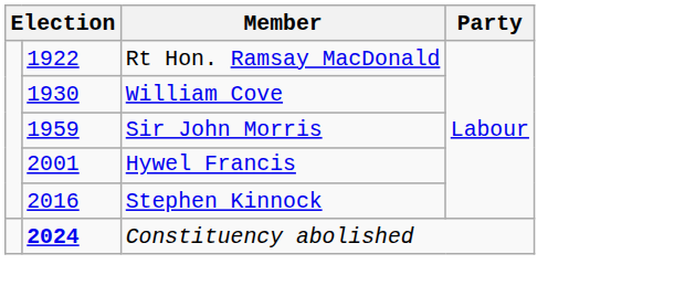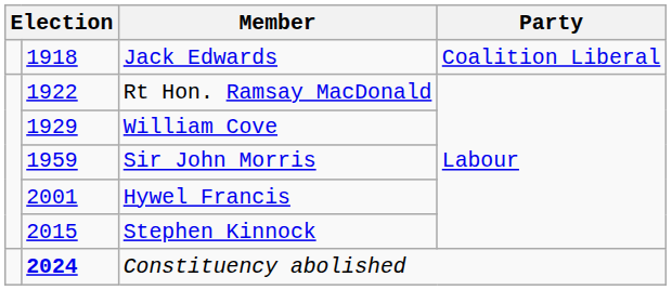 <table class="wikitable">
 <tr>
 <th colspan=2>Election</th>
 <th>Member</th>
 <th>Party</th>
+</tr>
+<tr>
+<td style="color:inherit;background-color: "></td>
+<td><a href='#'>1918</a></td>
+<td><a href='#'>Jack Edwards</a></td>
+<td><a href='#'>Coalition Liberal</a></td>
 </tr>
 <tr>
 <td rowspan="5" style="color:inherit;background-color: "></td>
 <td><a href='#'>1922</a></td>
 <td>Rt Hon. <a href='#'>Ramsay MacDonald</a></td>
 <td rowspan="5"><a href='#'>Labour</a></td>
 </tr>
 <tr>
-<td><a href='#'>1930</a></td>
+<td><a href='#'>1929</a></td>
 <td><a href='#'>William Cove</a></td>
 </tr>
 <tr>
 <td><a href='#'>1959</a></td>
 <td><a href='#'>Sir John Morris</a></td>
 </tr>
 <tr>
 <td><a href='#'>2001</a></td>
 <td><a href='#'>Hywel Francis</a></td>
 </tr>
 <tr>
-<td><a href='#'>2016</a></td>
+<td><a href='#'>2015</a></td>
 <td><a href='#'>Stephen Kinnock</a></td>
 </tr>
 <tr>
 <td></td>
 <td><strong><a href='#'>2024</a></strong></td>
 <td colspan="2"><em>Constituency abolished</em></td>
 </tr>
 </table>
